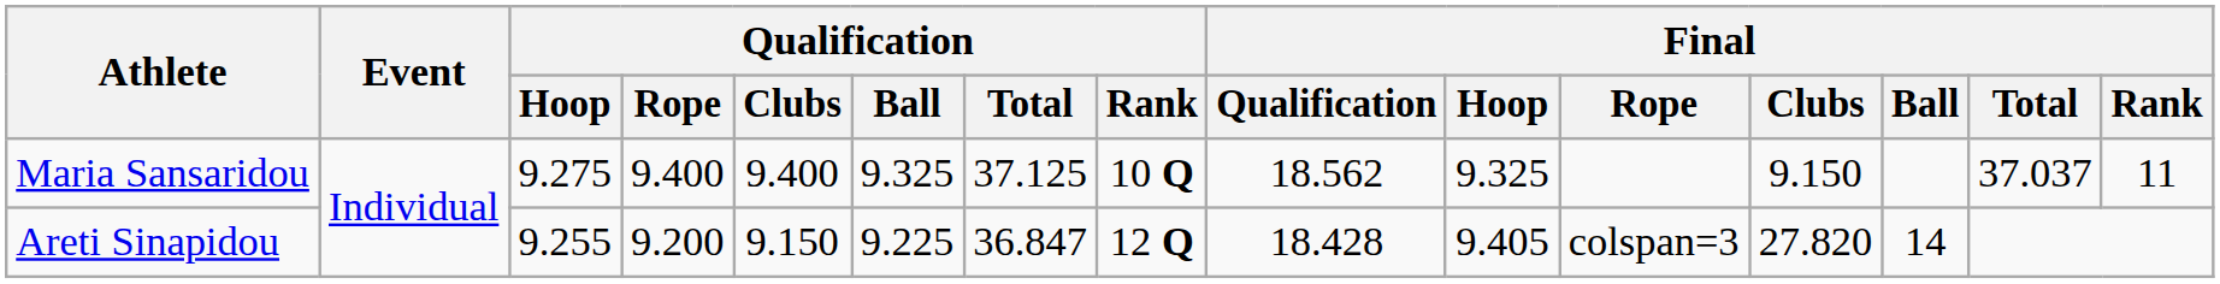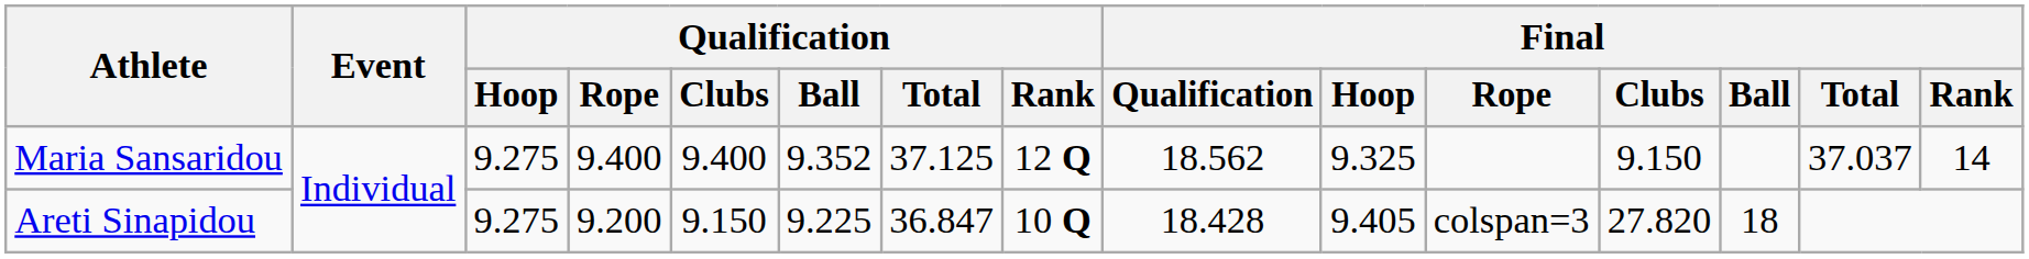 <table class=wikitable style="font-size:90%">
 <tr>
 <th rowspan=2>Athlete</th>
 <th rowspan=2>Event</th>
 <th colspan=6>Qualification</th>
 <th colspan=7>Final</th>
 </tr>
 <tr style="font-size:95%">
 <th>Hoop</th>
 <th>Rope</th>
 <th>Clubs</th>
 <th>Ball</th>
 <th>Total</th>
 <th>Rank</th>
 <th>Qualification</th>
 <th>Hoop</th>
 <th>Rope</th>
 <th>Clubs</th>
 <th>Ball</th>
 <th>Total</th>
 <th>Rank</th>
 </tr>
 <tr align=center>
 <td align=left><a href='#'>Maria Sansaridou</a></td>
 <td align=left rowspan=2><a href='#'>Individual</a></td>
 <td>9.275</td>
 <td>9.400</td>
 <td>9.400</td>
-<td>9.325</td>
+<td>9.352</td>
 <td>37.125</td>
-<td>10 <strong>Q</strong></td>
+<td>12 <strong>Q</strong></td>
 <td>18.562</td>
 <td>9.325</td>
 <td></td>
 <td>9.150</td>
 <td></td>
 <td>37.037</td>
-<td>11</td>
+<td>14</td>
 </tr>
 <tr align=center>
 <td align=left><a href='#'>Areti Sinapidou</a></td>
-<td>9.255</td>
+<td>9.275</td>
 <td>9.200</td>
 <td>9.150</td>
 <td>9.225</td>
 <td>36.847</td>
-<td>12 <strong>Q</strong></td>
+<td>10 <strong>Q</strong></td>
 <td>18.428</td>
 <td>9.405</td>
 <td>colspan=3</td>
 <td>27.820</td>
-<td>14</td>
+<td>18</td>
 </tr>
 </table>
